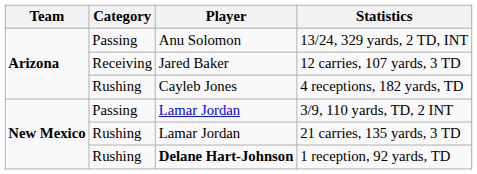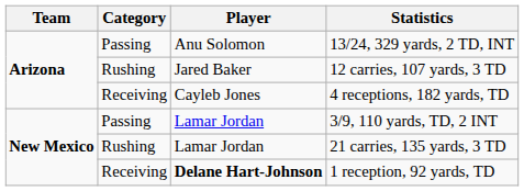 <table class="wikitable" style="float: right;">
 <tr>
 <th>Team</th>
 <th>Category</th>
 <th>Player</th>
 <th>Statistics</th>
 </tr>
 <tr>
 <td rowspan=3><strong>Arizona</strong></td>
 <td>Passing</td>
 <td>Anu Solomon</td>
 <td>13/24, 329 yards, 2 TD, INT</td>
 </tr>
 <tr>
-<td>Receiving</td>
+<td>Rushing</td>
 <td>Jared Baker</td>
 <td>12 carries, 107 yards, 3 TD</td>
 </tr>
 <tr>
-<td>Rushing</td>
+<td>Receiving</td>
 <td>Cayleb Jones</td>
 <td>4 receptions, 182 yards, TD</td>
 </tr>
 <tr>
 <td rowspan=3><strong>New Mexico</strong></td>
 <td>Passing</td>
 <td><a href='#'>Lamar Jordan</a></td>
 <td>3/9, 110 yards, TD, 2 INT</td>
 </tr>
 <tr>
 <td>Rushing</td>
 <td>Lamar Jordan</td>
 <td>21 carries, 135 yards, 3 TD</td>
 </tr>
 <tr>
-<td>Rushing</td>
+<td>Receiving</td>
 <td><strong>Delane Hart-Johnson</strong></td>
 <td>1 reception, 92 yards, TD</td>
 </tr>
 </table>
